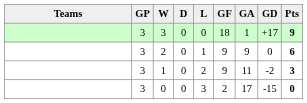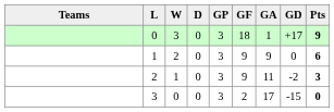 <table style=border-collapse:collapse border=1 cellspacing=0 cellpadding=5>
 <tr align=center bgcolor=#efefef>
 <th width=185>Teams</th>
-<th width=20>GP</th>
+<th width=20>L</th>
 <th width=20>W</th>
 <th width=20>D</th>
-<th width=20>L</th>
+<th width=20>GP</th>
 <th width=20>GF</th>
 <th width=20>GA</th>
 <th width=20>GD</th>
 <th width=20>Pts<br></th>
 </tr>
 <tr align=center bgcolor="ccffcc">
 <td style="text-align:left;"></td>
-<td>3</td>
+<td>0</td>
 <td>3</td>
 <td>0</td>
-<td>0</td>
+<td>3</td>
 <td>18</td>
 <td>1</td>
 <td>+17</td>
 <td><strong>9</strong></td>
 </tr>
 <tr align=center>
 <td style="text-align:left;"></td>
-<td>3</td>
+<td>1</td>
 <td>2</td>
 <td>0</td>
-<td>1</td>
+<td>3</td>
 <td>9</td>
 <td>9</td>
 <td>0</td>
 <td><strong>6</strong></td>
 </tr>
 <tr align=center>
 <td style="text-align:left;"></td>
-<td>3</td>
+<td>2</td>
 <td>1</td>
 <td>0</td>
-<td>2</td>
+<td>3</td>
 <td>9</td>
 <td>11</td>
 <td>-2</td>
 <td><strong>3</strong></td>
 </tr>
 <tr align=center>
 <td style="text-align:left;"></td>
 <td>3</td>
 <td>0</td>
 <td>0</td>
 <td>3</td>
 <td>2</td>
 <td>17</td>
 <td>-15</td>
 <td><strong>0</strong></td>
 </tr>
 </table>
